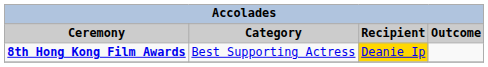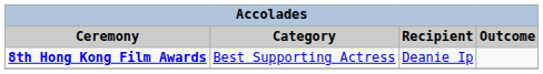 <table class="wikitable" style="font-size:95%;" ;>
 <tr style="background:#ccc; text-align:center;">
 <th colspan="4" style="background: LightSteelBlue;">Accolades</th>
 </tr>
 <tr style="background:#ccc; text-align:center;">
 <th style="background:#ccc">Ceremony</th>
 <th style="background:#ccc">Category</th>
 <th style="background:#ccc">Recipient</th>
 <th style="background:#ccc">Outcome</th>
 </tr>
 <tr>
 <td><strong><a href='#'>8th Hong Kong Film Awards</a></strong></td>
 <td><a href='#'>Best Supporting Actress</a></td>
-<td style="background: gold;"><a href='#'>Deanie Ip</a></td>
+<td><a href='#'>Deanie Ip</a></td>
 <td></td>
 </tr>
 <tr>
 </tr>
 </table>
